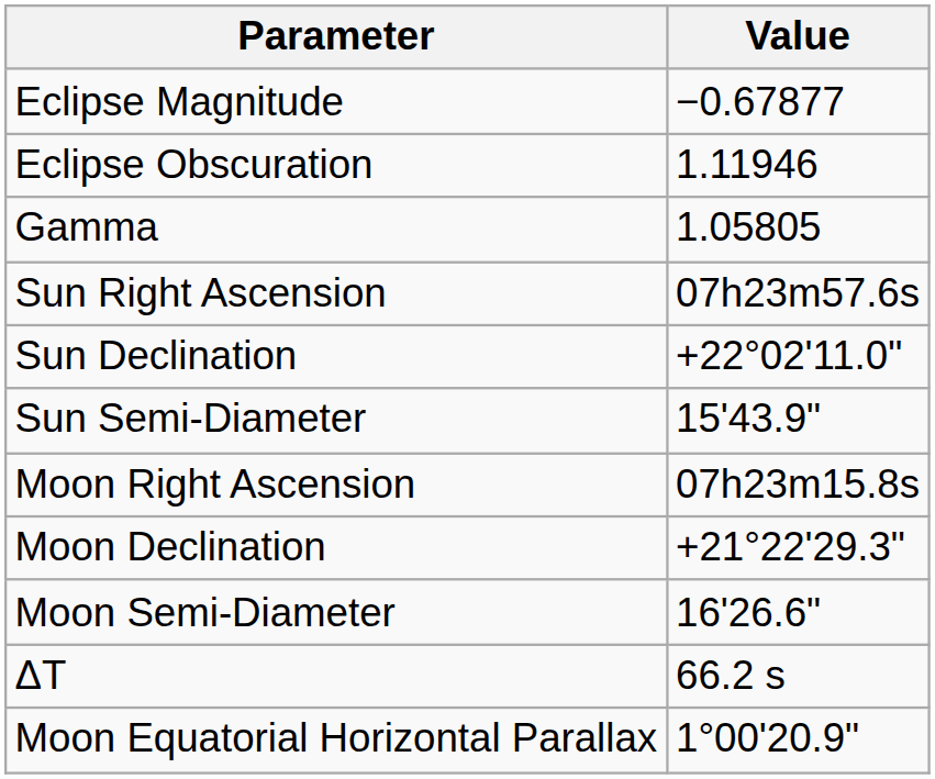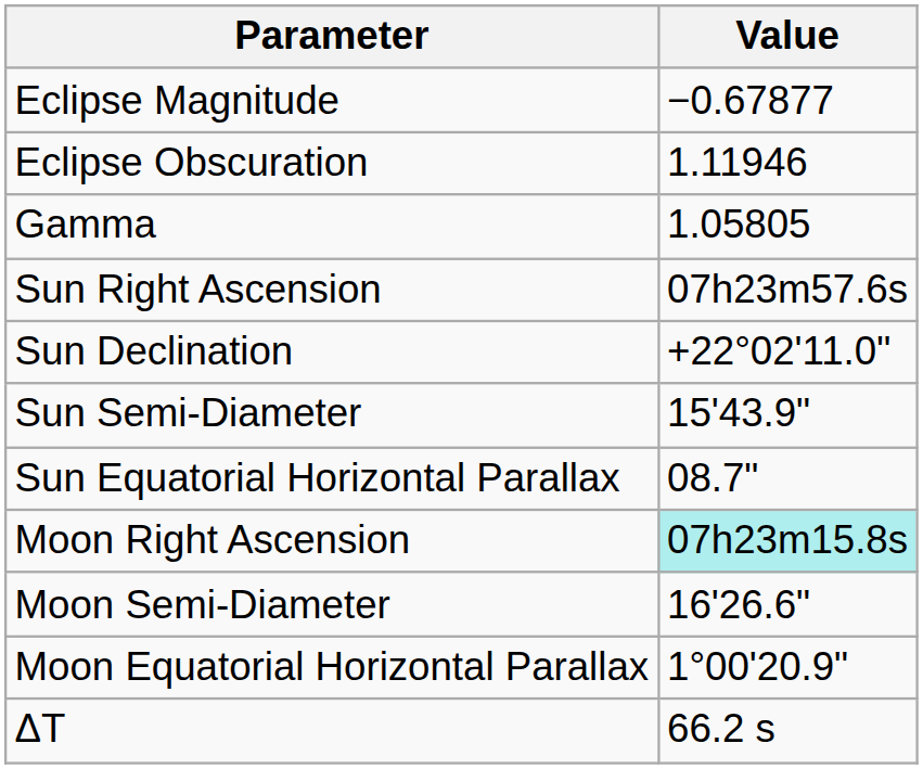 <table class="wikitable">
 <tr>
 <th>Parameter</th>
 <th>Value</th>
 </tr>
 <tr>
 <td>Eclipse Magnitude</td>
 <td>−0.67877</td>
 </tr>
 <tr>
 <td>Eclipse Obscuration</td>
 <td>1.11946</td>
 </tr>
 <tr>
 <td>Gamma</td>
 <td>1.05805</td>
 </tr>
 <tr>
 <td>Sun Right Ascension</td>
 <td>07h23m57.6s</td>
 </tr>
 <tr>
 <td>Sun Declination</td>
 <td>+22°02'11.0"</td>
 </tr>
 <tr>
 <td>Sun Semi-Diameter</td>
 <td>15'43.9"</td>
 </tr>
 <tr>
-<td>Moon Right Ascension</td>
-<td>07h23m15.8s</td>
+<td>Sun Equatorial Horizontal Parallax</td>
+<td>08.7"</td>
 </tr>
 <tr>
-<td>Moon Declination</td>
-<td>+21°22'29.3"</td>
+<td>Moon Right Ascension</td>
+<td style="background: paleturquoise;">07h23m15.8s</td>
 </tr>
 <tr>
 <td>Moon Semi-Diameter</td>
 <td>16'26.6"</td>
 </tr>
 <tr>
+<td>Moon Equatorial Horizontal Parallax</td>
+<td>1°00'20.9"</td>
+</tr>
+<tr>
 <td>ΔT</td>
 <td>66.2 s</td>
 </tr>
-<tr>
-<td>Moon Equatorial Horizontal Parallax</td>
-<td>1°00'20.9"</td>
-</tr>
 </table>
